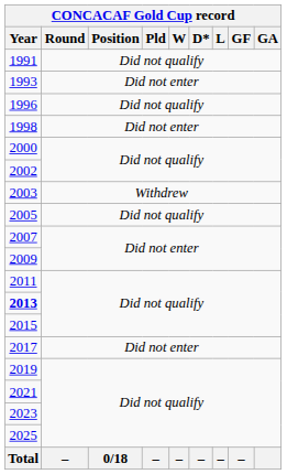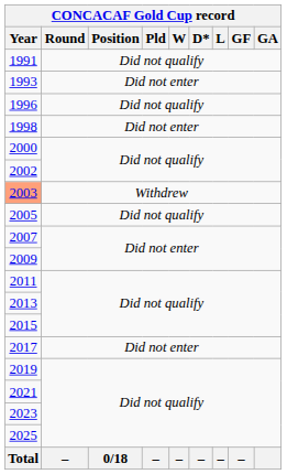 <table class="wikitable" style="text-align: center;">
 <tr>
 <th colspan=10><a href='#'>CONCACAF Gold Cup</a> record</th>
 </tr>
 <tr>
 <th>Year</th>
 <th>Round</th>
 <th>Position</th>
 <th>Pld</th>
 <th>W</th>
 <th>D*</th>
 <th>L</th>
 <th>GF</th>
 <th>GA</th>
 </tr>
 <tr>
 <td> <a href='#'>1991</a></td>
 <td colspan=8><em>Did not qualify</em></td>
 </tr>
 <tr>
 <td>  <a href='#'>1993</a></td>
 <td colspan=8><em>Did not enter</em></td>
 </tr>
 <tr>
 <td> <a href='#'>1996</a></td>
 <td colspan=8><em>Did not qualify</em></td>
 </tr>
 <tr>
 <td> <a href='#'>1998</a></td>
 <td colspan=8><em>Did not enter</em></td>
 </tr>
 <tr>
 <td> <a href='#'>2000</a></td>
 <td rowspan=2 colspan=8><em>Did not qualify</em></td>
 </tr>
 <tr>
 <td> <a href='#'>2002</a></td>
 </tr>
 <tr>
-<td>  <a href='#'>2003</a></td>
+<td style="background: lightsalmon;">  <a href='#'>2003</a></td>
 <td colspan=8><em>Withdrew</em></td>
 </tr>
 <tr>
 <td> <a href='#'>2005</a></td>
 <td colspan=8><em>Did not qualify</em></td>
 </tr>
 <tr>
 <td> <a href='#'>2007</a></td>
 <td rowspan=2 colspan=8><em>Did not enter</em></td>
 </tr>
 <tr>
 <td> <a href='#'>2009</a></td>
 </tr>
 <tr>
 <td> <a href='#'>2011</a></td>
 <td rowspan=3 colspan=8><em>Did not qualify</em></td>
 </tr>
 <tr>
-<td><strong> <a href='#'>2013</a></strong></td>
+<td> <a href='#'>2013</a></td>
 </tr>
 <tr>
 <td>  <a href='#'>2015</a></td>
 </tr>
 <tr>
 <td> <a href='#'>2017</a></td>
 <td colspan=8><em>Did not enter</em></td>
 </tr>
 <tr>
 <td>   <a href='#'>2019</a></td>
 <td rowspan=4 colspan=8><em>Did not qualify</em></td>
 </tr>
 <tr>
 <td> <a href='#'>2021</a></td>
 </tr>
 <tr>
 <td>  <a href='#'>2023</a></td>
 </tr>
 <tr>
 <td>  <a href='#'>2025</a></td>
 </tr>
 <tr>
 <th>Total</th>
 <th>–</th>
 <th>0/18</th>
 <th>–</th>
 <th>–</th>
 <th>–</th>
 <th>–</th>
 <th>–</th>
 <th></th>
 </tr>
 </table>
